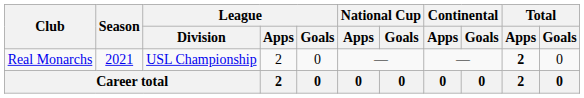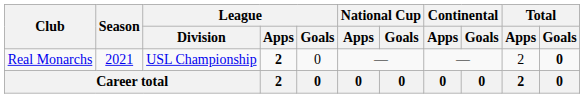 <table class=wikitable style=text-align:center>
 <tr>
 <th rowspan=2>Club</th>
 <th rowspan=2>Season</th>
 <th colspan=3>League</th>
 <th colspan=2>National Cup</th>
 <th colspan=2>Continental</th>
 <th colspan=2>Total</th>
 </tr>
 <tr>
 <th>Division</th>
 <th>Apps</th>
 <th>Goals</th>
 <th>Apps</th>
 <th>Goals</th>
 <th>Apps</th>
 <th>Goals</th>
 <th>Apps</th>
 <th>Goals</th>
 </tr>
 <tr>
 <td rowspan=1><a href='#'>Real Monarchs</a></td>
 <td><a href='#'>2021</a></td>
 <td><a href='#'>USL Championship</a></td>
-<td>2</td>
+<td><strong>2</strong></td>
 <td>0</td>
 <td colspan=2>—</td>
 <td colspan=2>—</td>
-<td><strong>2</strong></td>
-<td>0</td>
+<td>2</td>
+<td><strong>0</strong></td>
 </tr>
 <tr>
 <th colspan=3>Career total</th>
 <th>2</th>
 <th>0</th>
 <th>0</th>
 <th>0</th>
 <th>0</th>
 <th>0</th>
 <th>2</th>
 <th>0</th>
 </tr>
 </table>
